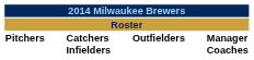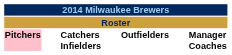 <table class="toccolours" style="font-size: 95%;">
 <tr>
 <th colspan="10" style="background-color: #00285D; color: #9ECEEE; text-align: center;">2014 Milwaukee Brewers</th>
 </tr>
 <tr>
 <td colspan="10" style="background-color: #CBA140; color: #0a2351; text-align: center;"><strong>Roster</strong></td>
 </tr>
 <tr>
-<td valign="top"><strong>Pitchers</strong><br>                  </td>
+<td valign="top" style="background: pink;"><strong>Pitchers</strong><br>                  </td>
 <td width="25px"></td>
 <td valign="top"><strong>Catchers</strong><br>   <strong>Infielders</strong>            </td>
 <td width="25px"></td>
 <td valign="top"><strong>Outfielders</strong><br>     </td>
 <td width="25px"></td>
 <td valign="top"><strong>Manager</strong><br> <strong>Coaches</strong>                  </td>
 </tr>
 <tr>
 </tr>
 </table>
